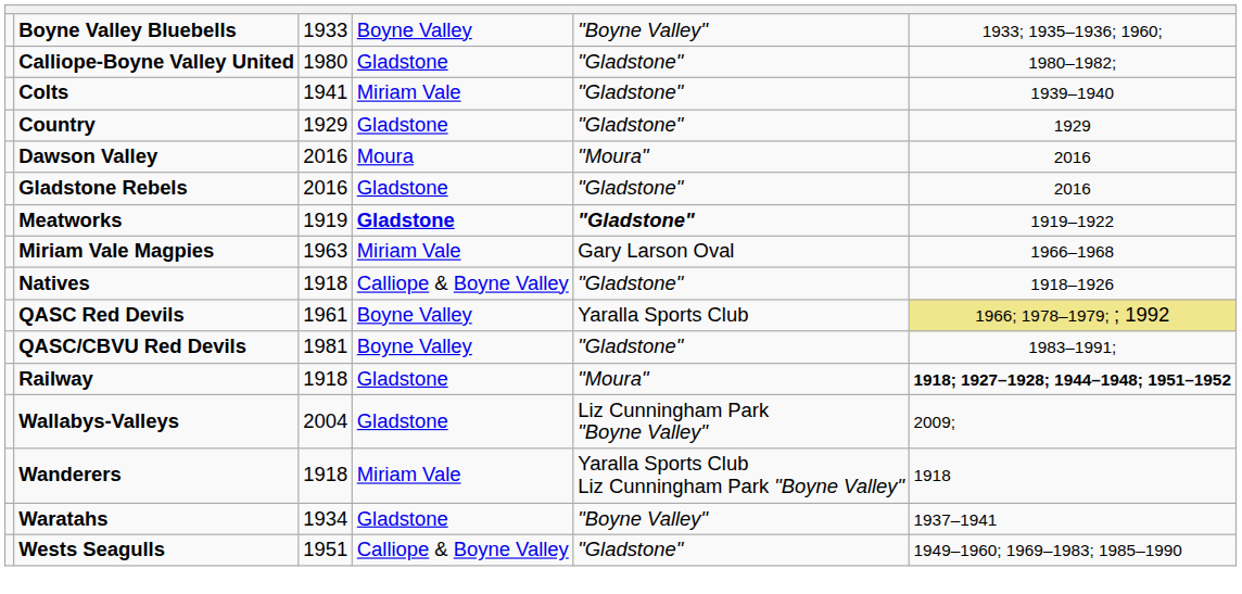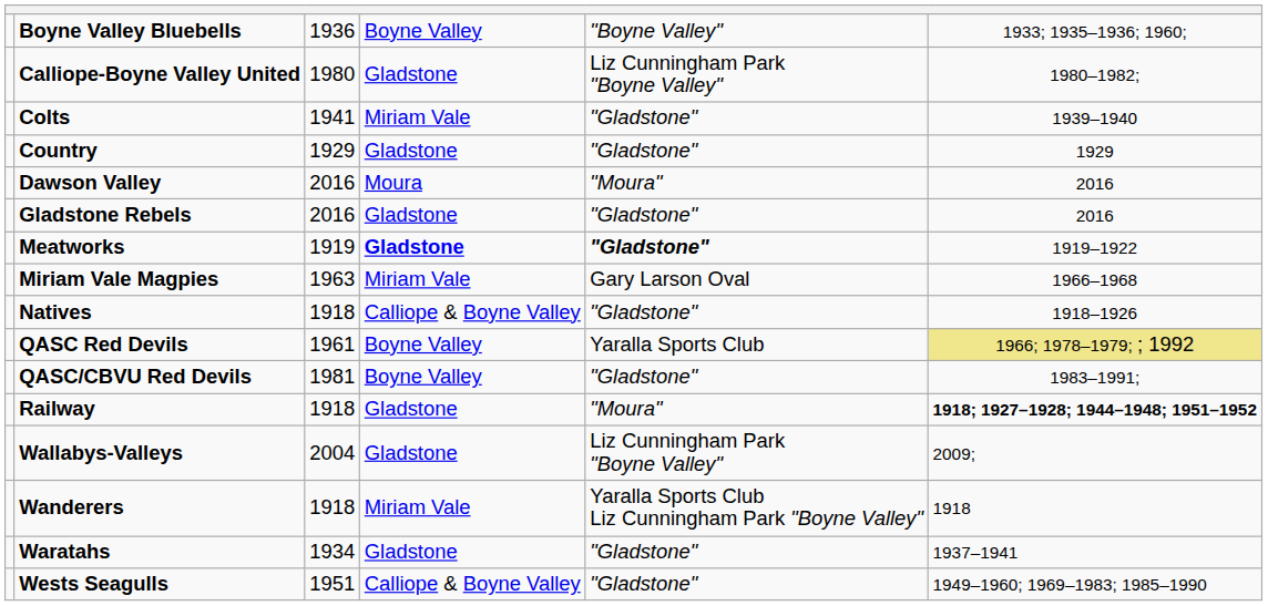 <table class="wikitable mw-collapsible">
 <tr>
 <th colspan="6"></th>
 </tr>
 <tr>
 <td></td>
 <td><strong>Boyne Valley Bluebells</strong></td>
-<td align="center">1933</td>
+<td align="center">1936</td>
 <td><a href='#'>Boyne Valley</a></td>
 <td><em>"Boyne Valley"</em></td>
 <td align="center"><small>1933; 1935–1936; 1960; </small></td>
 </tr>
 <tr>
 <td><strong></strong></td>
 <td><strong>Calliope-Boyne Valley United</strong></td>
 <td align="center">1980</td>
 <td><a href='#'>Gladstone</a></td>
-<td><em>"Gladstone"</em></td>
+<td>Liz Cunningham Park<br><em>"Boyne Valley"</em></td>
 <td align="center"><small>1980–1982; </small></td>
 </tr>
 <tr>
 <td><strong></strong></td>
 <td><strong>Colts</strong></td>
 <td align="center">1941</td>
 <td><a href='#'>Miriam Vale</a></td>
 <td><em>"Gladstone"</em></td>
 <td align="center"><small>1939–1940</small></td>
 </tr>
 <tr>
 <td><strong></strong></td>
 <td><strong>Country</strong></td>
 <td align="center">1929</td>
 <td><a href='#'>Gladstone</a></td>
 <td><em>"Gladstone"</em></td>
 <td align="center"><small>1929</small></td>
 </tr>
 <tr>
 <td></td>
 <td><strong>Dawson Valley</strong></td>
 <td align="center">2016</td>
 <td><a href='#'>Moura</a></td>
 <td><em>"Moura"</em></td>
 <td align="center"><small>2016</small></td>
 </tr>
 <tr>
 <td></td>
 <td><strong>Gladstone Rebels</strong></td>
 <td align="center">2016</td>
 <td><a href='#'>Gladstone</a></td>
 <td><em>"Gladstone"</em></td>
 <td align="center"><small>2016</small></td>
 </tr>
 <tr>
 <td><strong></strong></td>
 <td><strong>Meatworks</strong></td>
 <td align="center">1919</td>
 <td><strong><a href='#'>Gladstone</a></strong></td>
 <td><strong><em>"Gladstone"</em></strong></td>
 <td align="center"><small>1919–1922</small></td>
 </tr>
 <tr>
 <td></td>
 <td><strong>Miriam Vale Magpies</strong></td>
 <td align="center">1963</td>
 <td><a href='#'>Miriam Vale</a></td>
 <td>Gary Larson Oval</td>
 <td align="center"><small>1966–1968</small></td>
 </tr>
 <tr>
 <td><strong></strong></td>
 <td><strong>Natives</strong></td>
 <td align="center">1918</td>
 <td><a href='#'>Calliope</a> & <a href='#'>Boyne Valley</a></td>
 <td><em>"Gladstone"</em></td>
 <td align="center"><small>1918–1926</small></td>
 </tr>
 <tr>
 <td></td>
 <td><strong>QASC Red Devils</strong> </td>
 <td align="center">1961</td>
 <td><a href='#'>Boyne Valley</a></td>
 <td>Yaralla Sports Club</td>
 <td align="center" style="background: khaki;"><small>1966; 1978–1979; </small>; 1992</td>
 </tr>
 <tr>
 <td></td>
 <td><strong>QASC/CBVU Red Devils</strong> </td>
 <td align="center">1981</td>
 <td><a href='#'>Boyne Valley</a></td>
 <td><em>"Gladstone"</em></td>
 <td align="center"><small>1983–1991; </small></td>
 </tr>
 <tr>
 <td><strong></strong></td>
 <td><strong>Railway</strong></td>
 <td align="center">1918</td>
 <td><a href='#'>Gladstone</a></td>
 <td><em>"Moura"</em></td>
 <td align="center"><strong><small>1918; 1927–1928; 1944–1948; 1951–1952</small></strong></td>
 </tr>
 <tr>
 <td><strong></strong></td>
 <td><strong>Wallabys-Valleys</strong></td>
 <td>2004</td>
 <td><a href='#'>Gladstone</a></td>
 <td>Liz Cunningham Park<br><em>"Boyne Valley"</em></td>
 <td><small>2009; </small></td>
 </tr>
 <tr>
 <td><strong></strong></td>
 <td><strong>Wanderers</strong></td>
 <td>1918</td>
 <td><a href='#'>Miriam Vale</a></td>
 <td>Yaralla Sports Club<br>Liz Cunningham Park <em>"Boyne Valley"</em></td>
 <td><small>1918</small></td>
 </tr>
 <tr>
 <td><strong></strong></td>
 <td><strong>Waratahs</strong></td>
 <td>1934</td>
 <td><a href='#'>Gladstone</a></td>
-<td><em>"Boyne Valley"</em></td>
+<td><em>"Gladstone"</em></td>
 <td><small>1937–1941</small></td>
 </tr>
 <tr>
 <td></td>
 <td><strong>Wests Seagulls</strong></td>
 <td>1951</td>
 <td><a href='#'>Calliope</a> & <a href='#'>Boyne Valley</a></td>
 <td><em>"Gladstone"</em></td>
 <td><small>1949–1960; 1969–1983; 1985–1990</small></td>
 </tr>
 </table>
